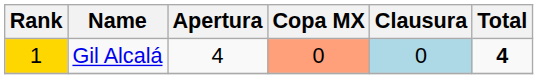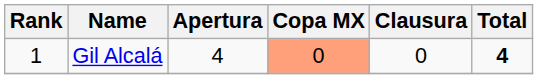 <table class="wikitable" style="text-align: center">
 <tr>
 <th>Rank</th>
 <th>Name</th>
 <th>Apertura</th>
 <th>Copa MX</th>
 <th>Clausura</th>
 <th>Total</th>
 </tr>
 <tr>
-<td style="background: gold;">1</td>
+<td>1</td>
 <td align=left> <a href='#'>Gil Alcalá</a></td>
 <td>4</td>
 <td style="background: lightsalmon;">0</td>
-<td style="background: lightblue;">0</td>
+<td>0</td>
 <td><strong>4</strong></td>
 </tr>
 <tr>
 </tr>
 </table>
